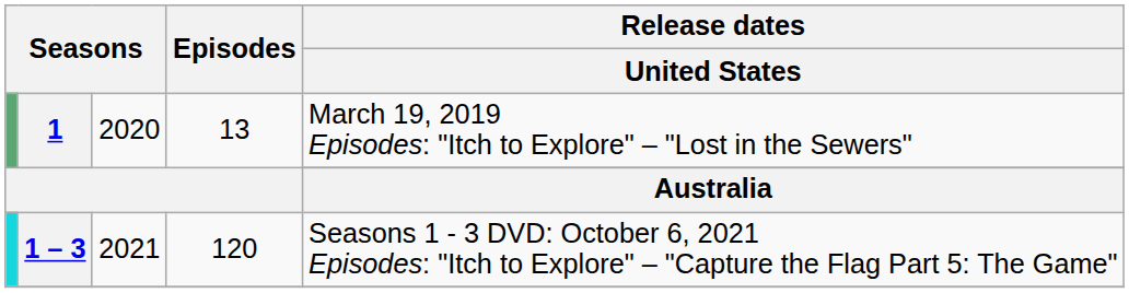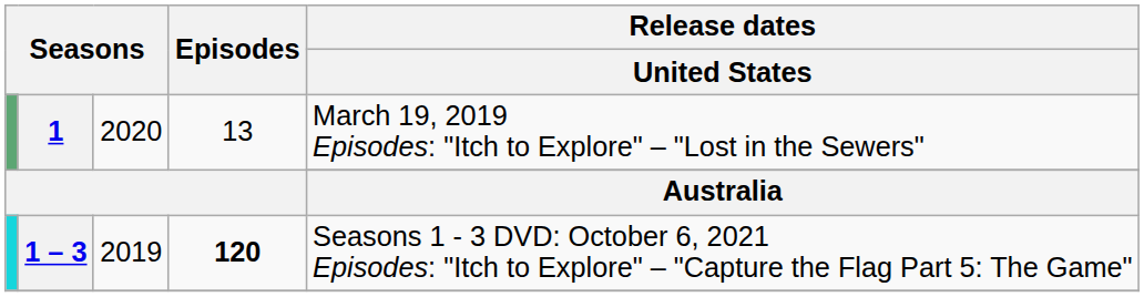 <table class="wikitable">
 <tr>
 <th colspan=3 rowspan=2>Seasons</th>
 <th rowspan=2>Episodes</th>
 <th colspan=1>Release dates</th>
 </tr>
 <tr>
 <th>United States</th>
 </tr>
 <tr>
 <th style="background:#5CA673"></th>
 <th><a href='#'>1</a></th>
 <td style="text-align: center">2020</td>
 <td style="text-align: center">13</td>
 <td>March 19, 2019<br><em>Episodes</em>: "Itch to Explore" – "Lost in the Sewers"</td>
 </tr>
 <tr>
 <th colspan=4 rowspan=2></th>
 </tr>
 <tr>
 <th>Australia</th>
 </tr>
 <tr>
 <th style="background:#14D6DC"></th>
 <th><a href='#'>1 – 3</a></th>
-<td style="text-align: center">2021</td>
-<td style="text-align: center">120</td>
+<td style="text-align: center">2019</td>
+<td style="text-align: center"><strong>120</strong></td>
 <td>Seasons 1 - 3 DVD: October 6, 2021<br><em>Episodes</em>: "Itch to Explore" – "Capture the Flag Part 5: The Game"</td>
 </tr>
 <tr>
 </tr>
 </table>
